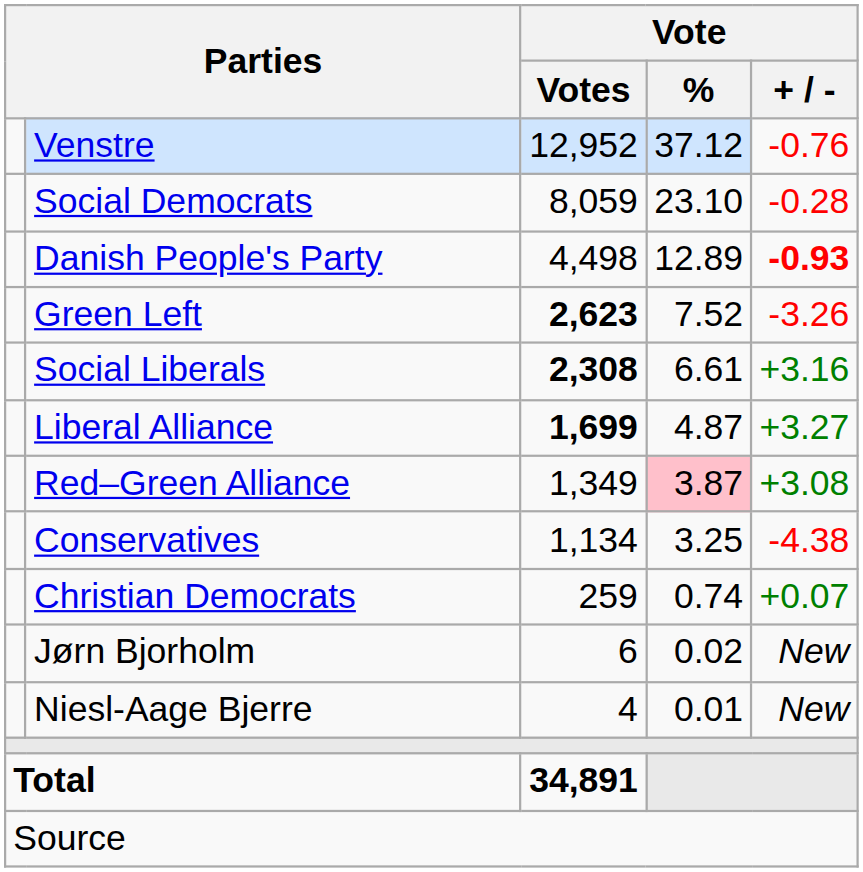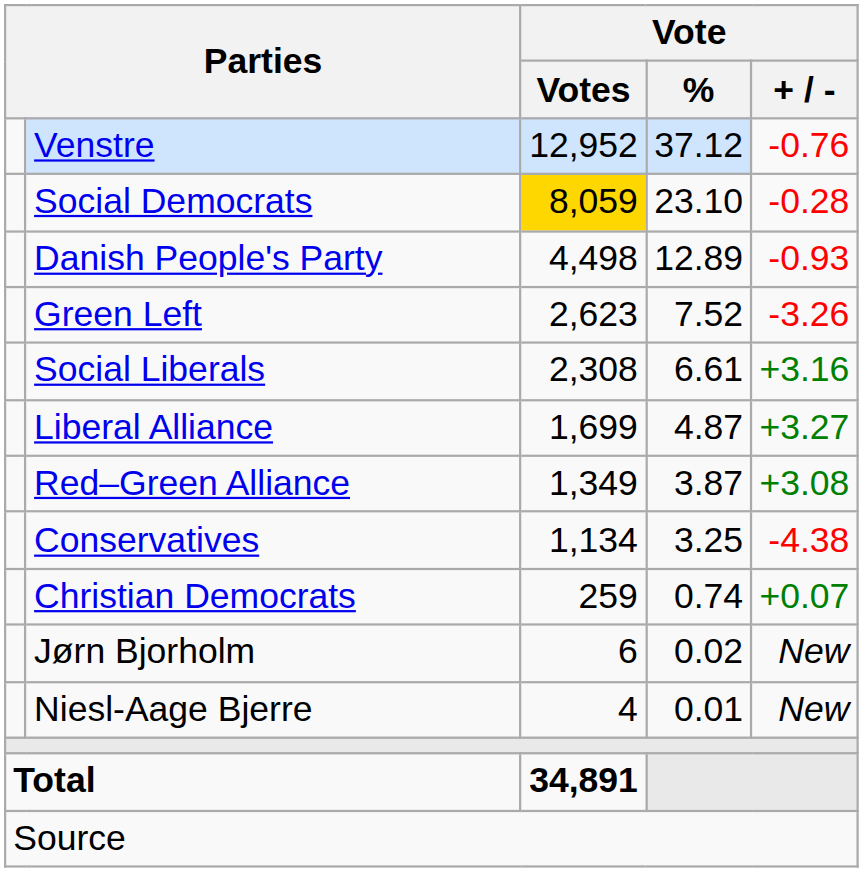 <table class="wikitable" style="text-align:right;">
 <tr>
 <th style="text-align:centre;" rowspan="2" colspan="2" width="225">Parties</th>
 <th colspan="3">Vote</th>
 </tr>
 <tr>
 <th width="15">Votes</th>
 <th width="15">%</th>
 <th width="15">+ / -</th>
 </tr>
 <tr>
 <td width="2" style="color:inherit;background:"></td>
 <td bgcolor=#cfe5fe  align="left"><a href='#'>Venstre</a></td>
 <td bgcolor=#cfe5fe>12,952</td>
 <td bgcolor=#cfe5fe>37.12</td>
 <td style=color:red;>-0.76</td>
 </tr>
 <tr>
 <td width="2" style="color:inherit;background:"></td>
 <td align="left"><a href='#'>Social Democrats</a></td>
-<td>8,059</td>
+<td style="background: gold;">8,059</td>
 <td>23.10</td>
 <td style=color:red;>-0.28</td>
 </tr>
 <tr>
 <td width="2" style="color:inherit;background:"></td>
 <td align="left"><a href='#'>Danish People's Party</a></td>
 <td>4,498</td>
 <td>12.89</td>
-<td style=color:red;><strong>-0.93</strong></td>
+<td style=color:red;>-0.93</td>
 </tr>
 <tr>
 <td width="2" style="color:inherit;background:"></td>
 <td align="left"><a href='#'>Green Left</a></td>
-<td><strong>2,623</strong></td>
+<td>2,623</td>
 <td>7.52</td>
 <td style=color:red;>-3.26</td>
 </tr>
 <tr>
 <td width="2" style="color:inherit;background:"></td>
 <td align="left"><a href='#'>Social Liberals</a></td>
-<td><strong>2,308</strong></td>
+<td>2,308</td>
 <td>6.61</td>
 <td style=color:green;>+3.16</td>
 </tr>
 <tr>
 <td width="2" style="color:inherit;background:"></td>
 <td align="left"><a href='#'>Liberal Alliance</a></td>
-<td><strong>1,699</strong></td>
+<td>1,699</td>
 <td>4.87</td>
 <td style=color:green;>+3.27</td>
 </tr>
 <tr>
 <td width="2" style="color:inherit;background:"></td>
 <td align="left"><a href='#'>Red–Green Alliance</a></td>
 <td>1,349</td>
-<td style="background: pink;">3.87</td>
+<td>3.87</td>
 <td style=color:green;>+3.08</td>
 </tr>
 <tr>
 <td width="2" style="color:inherit;background:"></td>
 <td align="left"><a href='#'>Conservatives</a></td>
 <td>1,134</td>
 <td>3.25</td>
 <td style=color:red;>-4.38</td>
 </tr>
 <tr>
 <td width="2" style="color:inherit;background:"></td>
 <td align="left"><a href='#'>Christian Democrats</a></td>
 <td>259</td>
 <td>0.74</td>
 <td style=color:green;>+0.07</td>
 </tr>
 <tr>
 <td width="2" style="color:inherit;background:"></td>
 <td align="left">Jørn Bjorholm</td>
 <td>6</td>
 <td>0.02</td>
 <td><em>New</em></td>
 </tr>
 <tr>
 <td width="2" style="color:inherit;background:"></td>
 <td align="left">Niesl-Aage Bjerre</td>
 <td>4</td>
 <td>0.01</td>
 <td><em>New</em></td>
 </tr>
 <tr>
 <td colspan="7" bgcolor="#E9E9E9"></td>
 </tr>
 <tr>
 <td align="left" colspan="2"><strong>Total</strong></td>
 <td><strong>34,891</strong></td>
 <td bgcolor="#E9E9E9" colspan="2"></td>
 </tr>
 <tr>
 <td align="left" colspan="6">Source</td>
 </tr>
 </table>
